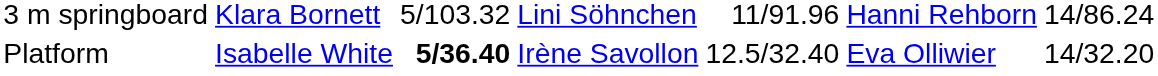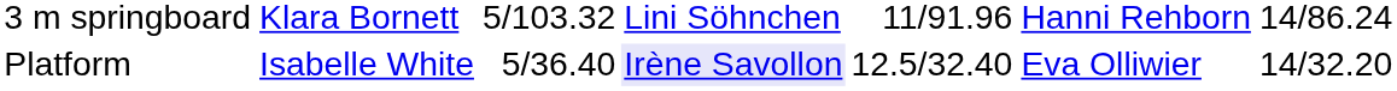 <table>
 <tr valign="top">
 <td>3 m springboard<br></td>
 <td><a href='#'>Klara Bornett</a><br><small></small></td>
 <td align="right">5/103.32</td>
 <td><a href='#'>Lini Söhnchen</a><br><small></small></td>
 <td align="right">11/91.96</td>
 <td><a href='#'>Hanni Rehborn</a><br><small></small></td>
 <td align="right">14/86.24</td>
 </tr>
 <tr valign="top">
 <td>Platform<br></td>
 <td><a href='#'>Isabelle White</a><br><small></small></td>
-<td align="right"><strong>5/36.40</strong></td>
-<td><a href='#'>Irène Savollon</a><br><small></small></td>
+<td align="right">5/36.40</td>
+<td style="background: lavender;"><a href='#'>Irène Savollon</a><br><small></small></td>
 <td align="right">12.5/32.40</td>
 <td><a href='#'>Eva Olliwier</a><br><small></small></td>
 <td align="right">14/32.20</td>
 </tr>
 </table>
